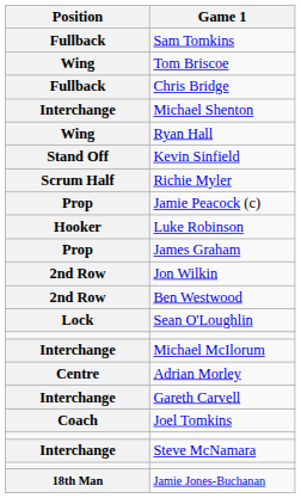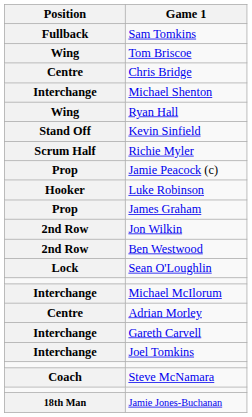 <table class="wikitable">
 <tr>
 <th style="width:150px;">Position</th>
 <th style="width:150px;">Game 1</th>
 </tr>
 <tr>
 <th>Fullback</th>
 <td colspan="1"><a href='#'>Sam Tomkins</a></td>
 </tr>
 <tr>
 <th>Wing</th>
 <td colspan="1"><a href='#'>Tom Briscoe</a></td>
 </tr>
 <tr>
-<th>Fullback</th>
+<th>Centre</th>
 <td colspan="1"><a href='#'>Chris Bridge</a></td>
 </tr>
 <tr>
 <th>Interchange</th>
 <td colspan="1"><a href='#'>Michael Shenton</a></td>
 </tr>
 <tr>
 <th>Wing</th>
 <td colspan="1"><a href='#'>Ryan Hall</a></td>
 </tr>
 <tr>
 <th>Stand Off</th>
 <td colspan="1"><a href='#'>Kevin Sinfield</a></td>
 </tr>
 <tr>
 <th>Scrum Half</th>
 <td colspan="1"><a href='#'>Richie Myler</a></td>
 </tr>
 <tr>
 <th>Prop</th>
 <td colspan="1"><a href='#'>Jamie Peacock</a> (c)</td>
 </tr>
 <tr>
 <th>Hooker</th>
 <td colspan="1"><a href='#'>Luke Robinson</a></td>
 </tr>
 <tr>
 <th>Prop</th>
 <td colspan="1"><a href='#'>James Graham</a></td>
 </tr>
 <tr>
 <th>2nd Row</th>
 <td colspan="1"><a href='#'>Jon Wilkin</a></td>
 </tr>
 <tr>
 <th>2nd Row</th>
 <td colspan="1"><a href='#'>Ben Westwood</a></td>
 </tr>
 <tr>
 <th>Lock</th>
 <td colspan="1"><a href='#'>Sean O'Loughlin</a></td>
 </tr>
 <tr>
 <td></td>
 </tr>
 <tr>
 <th>Interchange</th>
 <td colspan="1"><a href='#'>Michael McIlorum</a></td>
 </tr>
 <tr>
 <th>Centre</th>
 <td colspan="1"><a href='#'>Adrian Morley</a></td>
 </tr>
 <tr>
 <th>Interchange</th>
 <td colspan="1"><a href='#'>Gareth Carvell</a></td>
 </tr>
 <tr>
-<th>Coach</th>
+<th>Interchange</th>
 <td colspan="1"><a href='#'>Joel Tomkins</a></td>
 </tr>
 <tr>
 <td></td>
 </tr>
 <tr>
-<th>Interchange</th>
+<th>Coach</th>
 <td colspan="1"><a href='#'>Steve McNamara</a></td>
 </tr>
 <tr>
 <td></td>
 </tr>
 <tr>
 <th><small>18th Man</small></th>
 <td colspan="1"><small><a href='#'>Jamie Jones-Buchanan</a></small></td>
 </tr>
 </table>
